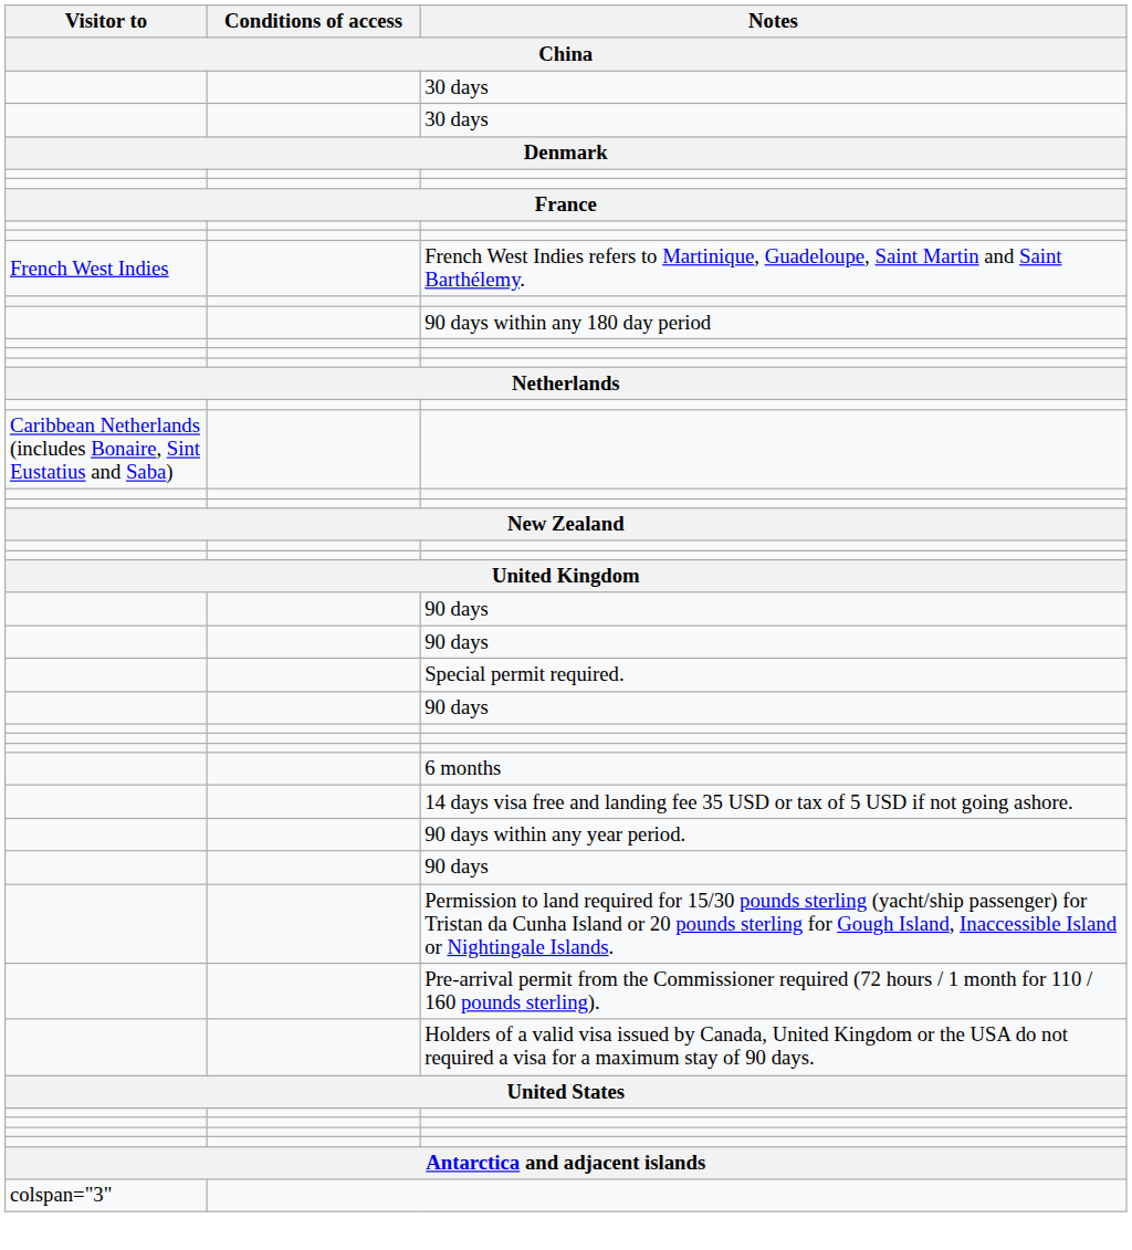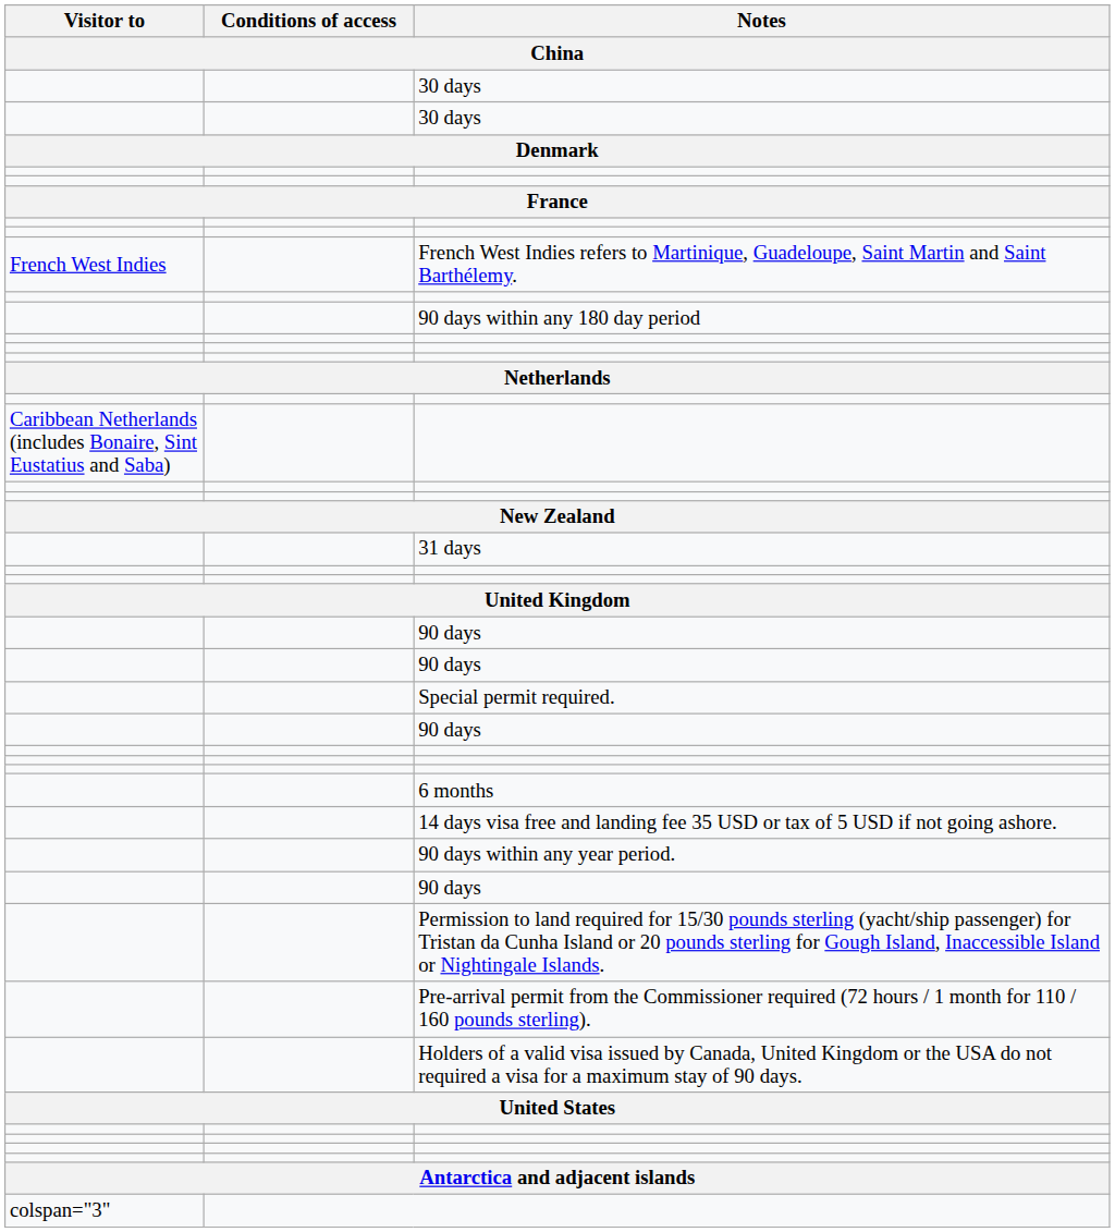 <table class="wikitable sortable sticky-header mw-datatable" style="text-align: left; table-layout: fixed;background:#f8f9faff; ">
 <tr>
 <th style="width:18%;">Visitor to</th>
 <th style="width:19%;">Conditions of access</th>
 <th>Notes</th>
 </tr>
 <tr>
 <th colspan="3">China</th>
 </tr>
 <tr>
 <td style="text-align: left;"></td>
 <td></td>
 <td>30 days</td>
 </tr>
 <tr>
 <td style="text-align: left;"></td>
 <td></td>
 <td>30 days</td>
 </tr>
 <tr>
 <th colspan="3">Denmark</th>
 </tr>
 <tr>
 <td style="text-align: left;"></td>
 <td></td>
 <td></td>
 </tr>
 <tr>
 <td style="text-align: left;"></td>
 <td></td>
 <td></td>
 </tr>
 <tr>
 <th colspan="3">France</th>
 </tr>
 <tr>
 <td style="text-align: left;"></td>
 <td></td>
 <td></td>
 </tr>
 <tr>
 <td style="text-align: left;"></td>
 <td></td>
 <td></td>
 </tr>
 <tr>
 <td style="text-align: left;"> <a href='#'>French West Indies</a></td>
 <td></td>
 <td>French West Indies refers to <a href='#'>Martinique</a>, <a href='#'>Guadeloupe</a>, <a href='#'>Saint Martin</a> and <a href='#'>Saint Barthélemy</a>.</td>
 </tr>
 <tr>
 <td style="text-align: left;"></td>
 <td></td>
 <td></td>
 </tr>
 <tr>
 <td style="text-align: left;"></td>
 <td></td>
 <td>90 days within any 180 day period</td>
 </tr>
 <tr>
 <td style="text-align: left;"></td>
 <td></td>
 <td></td>
 </tr>
 <tr>
 <td style="text-align: left;"></td>
 <td></td>
 <td></td>
 </tr>
 <tr>
 <td style="text-align: left;"></td>
 <td></td>
 <td></td>
 </tr>
 <tr>
 <th colspan="3">Netherlands</th>
 </tr>
 <tr>
 <td style="text-align: left;"></td>
 <td></td>
 <td></td>
 </tr>
 <tr>
 <td style="text-align: left;"> <a href='#'>Caribbean Netherlands</a>  (includes <a href='#'>Bonaire</a>, <a href='#'>Sint Eustatius</a> and <a href='#'>Saba</a>)</td>
 <td></td>
 <td></td>
 </tr>
 <tr>
 <td style="text-align: left;"></td>
 <td></td>
 <td></td>
 </tr>
 <tr>
 <td style="text-align: left;"></td>
 <td></td>
 <td></td>
 </tr>
 <tr>
 <th colspan="3">New Zealand</th>
+</tr>
+<tr>
+<td style="text-align: left;"></td>
+<td></td>
+<td>31 days</td>
 </tr>
 <tr>
 <td style="text-align: left;"></td>
 <td></td>
 <td></td>
 </tr>
 <tr>
 <td style="text-align: left;"></td>
 <td></td>
 <td></td>
 </tr>
 <tr>
 <th colspan="3">United Kingdom</th>
 </tr>
 <tr>
 <td style="text-align: left;"></td>
 <td></td>
 <td>90 days</td>
 </tr>
 <tr>
 <td style="text-align: left;"></td>
 <td></td>
 <td>90 days</td>
 </tr>
 <tr>
 <td style="text-align: left;"></td>
 <td></td>
 <td>Special permit required.</td>
 </tr>
 <tr>
 <td style="text-align: left;"></td>
 <td></td>
 <td>90 days</td>
 </tr>
 <tr>
 <td style="text-align: left;"></td>
 <td></td>
 <td></td>
 </tr>
 <tr>
 <td style="text-align: left;"></td>
 <td></td>
 <td></td>
 </tr>
 <tr>
 <td style="text-align: left;"></td>
 <td></td>
 <td></td>
 </tr>
 <tr>
 <td style="text-align: left;"></td>
 <td></td>
 <td>6 months</td>
 </tr>
 <tr>
 <td style="text-align: left;"></td>
 <td></td>
 <td>14 days visa free and landing fee 35 USD or tax of 5 USD if not going ashore.</td>
 </tr>
 <tr>
 <td style="text-align: left;"></td>
 <td></td>
 <td>90 days within any year period.</td>
 </tr>
 <tr>
 <td style="text-align: left;"></td>
 <td></td>
 <td>90 days</td>
 </tr>
 <tr>
 <td style="text-align: left;"></td>
 <td></td>
 <td>Permission to land required for 15/30 <a href='#'>pounds sterling</a> (yacht/ship passenger) for Tristan da Cunha Island or 20 <a href='#'>pounds sterling</a> for <a href='#'>Gough Island</a>, <a href='#'>Inaccessible Island</a> or <a href='#'>Nightingale Islands</a>.</td>
 </tr>
 <tr>
 <td style="text-align: left;"></td>
 <td></td>
 <td>Pre-arrival permit from the Commissioner required (72 hours / 1 month for 110 / 160 <a href='#'>pounds sterling</a>).</td>
 </tr>
 <tr>
 <td style="text-align: left;"></td>
 <td></td>
 <td>Holders of a valid visa issued by Canada, United Kingdom or the USA do not required a visa for a maximum stay of 90 days.</td>
 </tr>
 <tr>
 <th colspan="3">United States</th>
 </tr>
 <tr>
 <td style="text-align: left;"></td>
 <td></td>
 <td></td>
 </tr>
 <tr>
 <td style="text-align: left;"></td>
 <td></td>
 <td></td>
 </tr>
 <tr>
 <td style="text-align: left;"></td>
 <td></td>
 <td></td>
 </tr>
 <tr>
 <td style="text-align: left;"></td>
 <td></td>
 <td></td>
 </tr>
 <tr>
 <th colspan="3"><a href='#'>Antarctica</a> and adjacent islands</th>
 </tr>
 <tr>
 <td>colspan="3" </td>
 </tr>
 </table>
